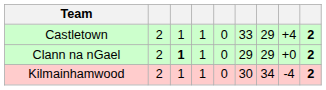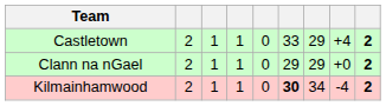 <table class="wikitable" style="text-align:center">
 <tr>
 <th width="175">Team</th>
 <th width="20"></th>
 <th width="20"></th>
 <th width="20"></th>
 <th width="20"></th>
 <th width="20"></th>
 <th width="20"></th>
 <th width="20"></th>
 <th width="20"></th>
 </tr>
 <tr bgcolor="ccffcc">
 <td>Castletown</td>
 <td>2</td>
 <td>1</td>
 <td>1</td>
 <td>0</td>
 <td>33</td>
 <td>29</td>
 <td>+4</td>
 <td><strong>2</strong></td>
 </tr>
 <tr bgcolor="ccffcc">
 <td>Clann na nGael</td>
 <td>2</td>
-<td><strong>1</strong></td>
+<td>1</td>
 <td>1</td>
 <td>0</td>
 <td>29</td>
 <td>29</td>
 <td>+0</td>
 <td><strong>2</strong></td>
 </tr>
 <tr bgcolor="ffcccc">
 <td>Kilmainhamwood</td>
 <td>2</td>
 <td>1</td>
 <td>1</td>
 <td>0</td>
-<td>30</td>
+<td><strong>30</strong></td>
 <td>34</td>
 <td>-4</td>
 <td><strong>2</strong></td>
 </tr>
 </table>
